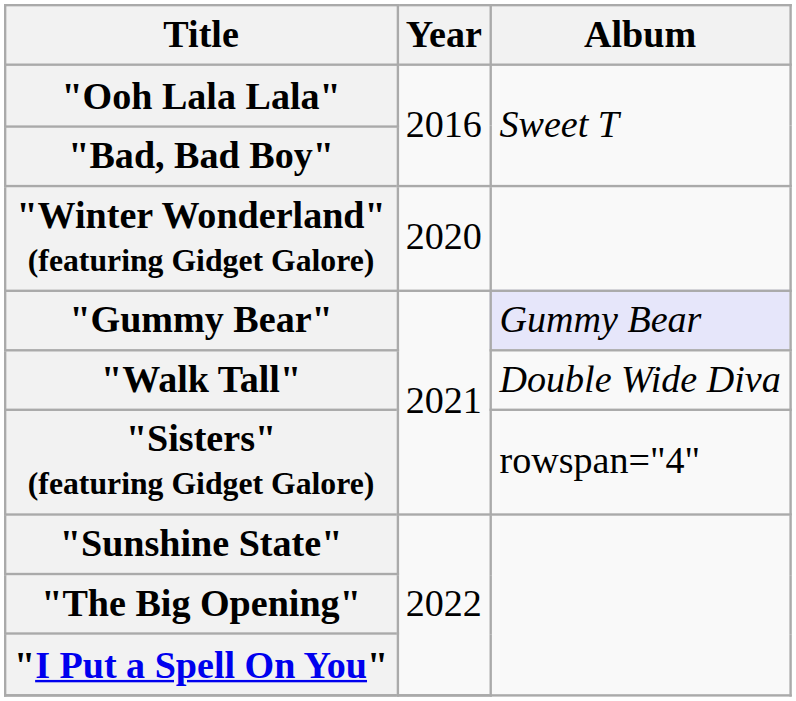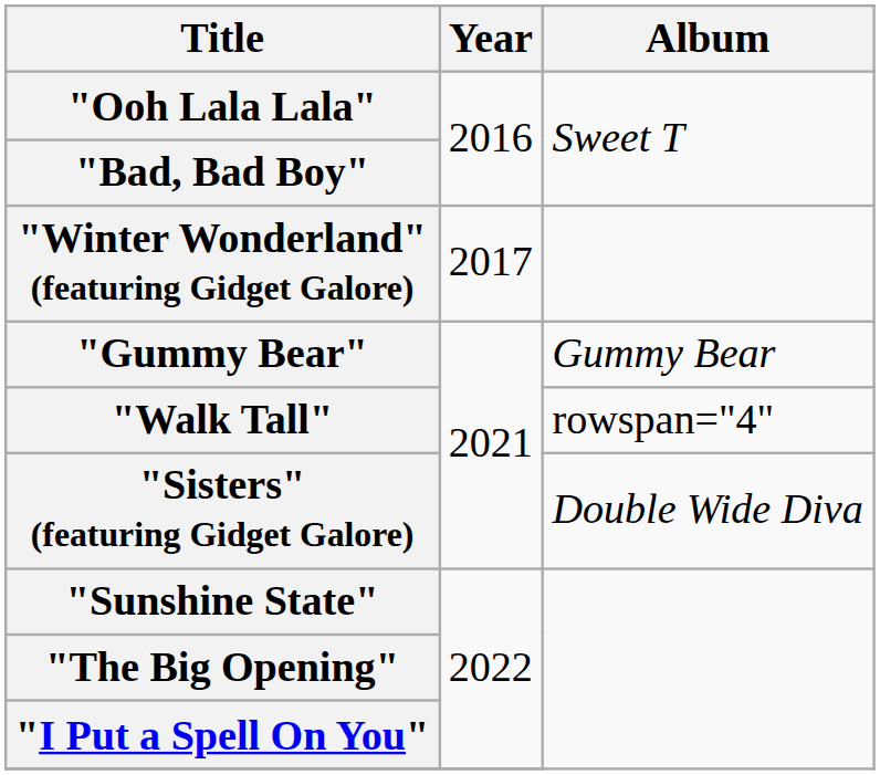 <table class="wikitable plainrowheaders">
 <tr>
 <th>Title</th>
 <th>Year</th>
 <th>Album</th>
 </tr>
 <tr>
 <th scope="row">"Ooh Lala Lala"</th>
 <td rowspan="2">2016</td>
 <td rowspan="2"><em>Sweet T</em></td>
 </tr>
 <tr>
 <th scope="row">"Bad, Bad Boy"</th>
 </tr>
 <tr>
 <th scope="row">"Winter Wonderland"<br><small>(featuring Gidget Galore)</small></th>
-<td>2020</td>
+<td>2017</td>
 <td></td>
 </tr>
 <tr>
 <th scope="row">"Gummy Bear"</th>
 <td rowspan="3">2021</td>
-<td style="background: lavender;"><em>Gummy Bear</em></td>
+<td><em>Gummy Bear</em></td>
 </tr>
 <tr>
 <th scope="row">"Walk Tall"</th>
-<td><em>Double Wide Diva</em></td>
+<td>rowspan="4" </td>
 </tr>
 <tr>
 <th scope="row">"Sisters"<br><small>(featuring Gidget Galore)</small></th>
-<td>rowspan="4" </td>
+<td><em>Double Wide Diva</em></td>
 </tr>
 <tr>
 <th scope="row">"Sunshine State"<br></th>
 <td rowspan="3">2022</td>
 </tr>
 <tr>
 <th scope="row">"The Big Opening"<br></th>
 </tr>
 <tr>
 <th scope="row">"<a href='#'>I Put a Spell On You</a>"</th>
 </tr>
 <tr>
 </tr>
 </table>
